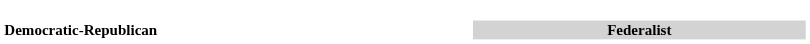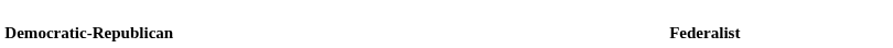 <table style="width:60%; text-align:center">
 <tr style="color:white">
 <th style="background:">155</th>
 <th style="background:">32</th>
 </tr>
 <tr>
 <td><span><strong>Democratic-Republican</strong></span></td>
-<td style="background: lightgrey;"><span><strong>Federalist</strong></span></td>
+<td><span><strong>Federalist</strong></span></td>
 </tr>
 </table>
